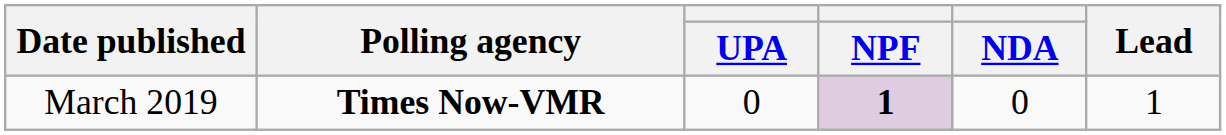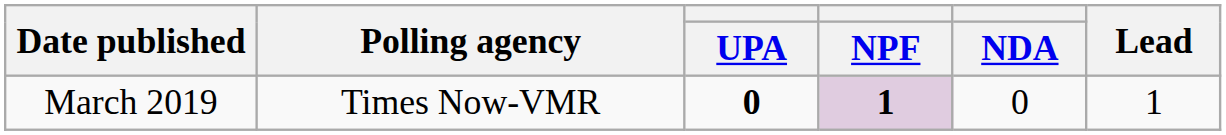 <table class="wikitable sortable" style="text-align:center;font-size:95%;line-height:16px">
 <tr>
 <th rowspan="2" width="100px">Date published</th>
 <th rowspan="2" width="175px">Polling agency</th>
 <th style="background:"></th>
 <th style="background:"></th>
 <th style="background:"></th>
 <th rowspan="2" width="50px">Lead</th>
 </tr>
 <tr>
 <th width="50px" class="unsortable"><a href='#'>UPA</a></th>
 <th width="50px" class="unsortable"><a href='#'>NPF</a></th>
 <th width="50px" class="unsortable"><a href='#'>NDA</a></th>
 </tr>
 <tr>
 <td>March 2019</td>
-<td><strong>Times Now-VMR</strong></td>
-<td>0</td>
+<td>Times Now-VMR</td>
+<td><strong>0</strong></td>
 <td style="background:#E0CCE0"><strong>1</strong></td>
 <td>0</td>
 <td style="background:"><span>1</span></td>
 </tr>
 </table>
